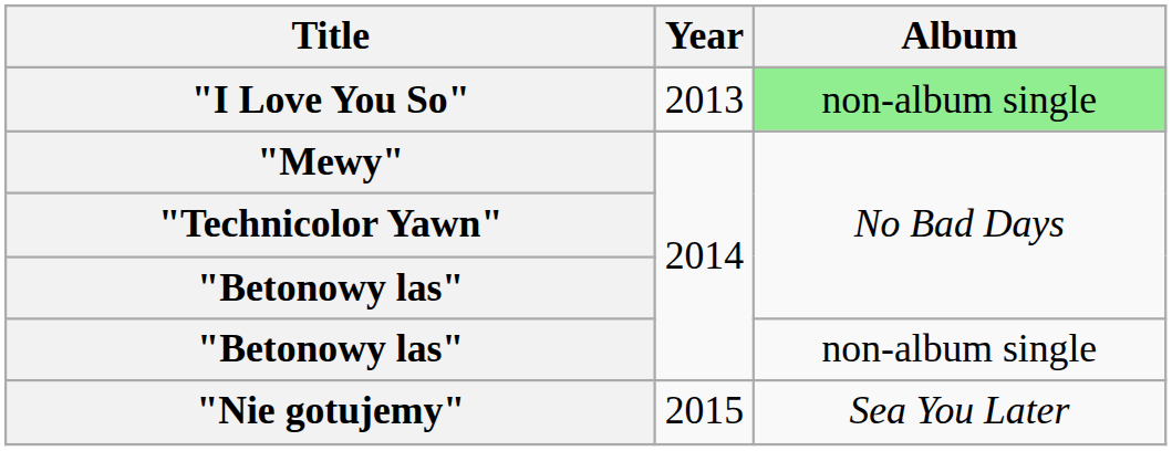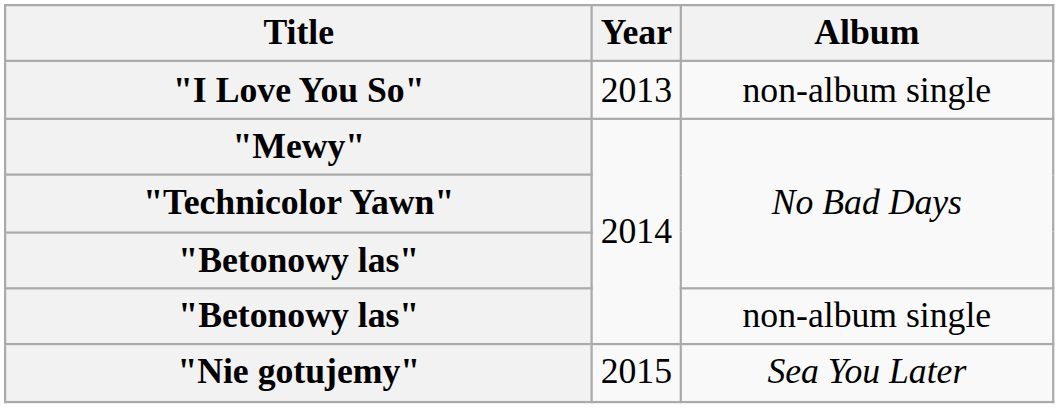 <table class="wikitable plainrowheaders" style="text-align:center;" border="1">
 <tr>
 <th scope="col" style="width:16em;">Title</th>
 <th scope="col">Year</th>
 <th scope="col" style="width:10em;">Album</th>
 </tr>
 <tr>
 <th scope="row">"I Love You So"</th>
 <td>2013</td>
-<td style="background: lightgreen;">non-album single</td>
+<td>non-album single</td>
 </tr>
 <tr>
 <th scope="row">"Mewy" </th>
 <td rowspan="4">2014</td>
 <td rowspan="3"><em>No Bad Days</em></td>
 </tr>
 <tr>
 <th scope="row">"Technicolor Yawn"</th>
 </tr>
 <tr>
 <th scope="row">"Betonowy las" </th>
 </tr>
 <tr>
 <th scope="row">"Betonowy las" </th>
 <td>non-album single</td>
 </tr>
 <tr>
 <th scope="row">"Nie gotujemy"</th>
 <td>2015</td>
 <td><em>Sea You Later</em></td>
 </tr>
 </table>
